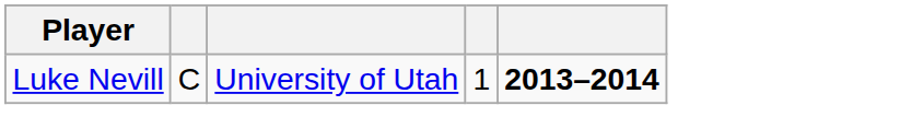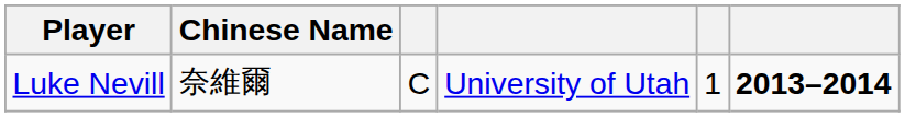 <table class="wikitable sortable" style="font-size:95%; text-align:right;">
 <tr>
 <th>Player</th>
+<th>Chinese Name</th>
 <th></th>
 <th></th>
 <th></th>
 <th></th>
 </tr>
 <tr>
 <td align="left"><a href='#'>Luke Nevill</a></td>
+<td align="left">奈維爾</td>
 <td align="center">C</td>
 <td align="left"><a href='#'>University of Utah</a></td>
 <td align="center">1</td>
 <td align="center"><strong>2013–2014</strong></td>
 </tr>
 </table>
